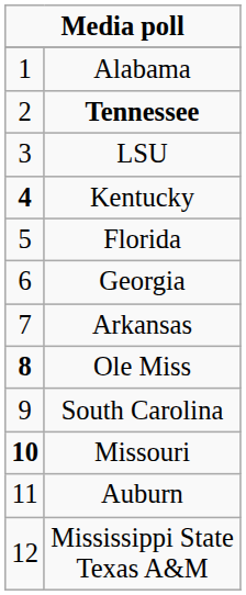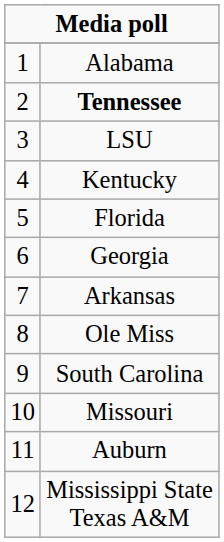 <table class="wikitable">
 <tr align="center">
 <td align="center" Colspan="3"><strong>Media poll</strong></td>
 </tr>
 <tr align="center">
 </tr>
 <tr align="center">
 <td>1</td>
 <td>Alabama</td>
 </tr>
 <tr align="center">
 <td>2</td>
 <td><strong>Tennessee</strong></td>
 </tr>
 <tr align="center">
 <td>3</td>
 <td>LSU</td>
 </tr>
 <tr align="center">
-<td><strong>4</strong></td>
+<td>4</td>
 <td>Kentucky</td>
 </tr>
 <tr align="center">
 <td>5</td>
 <td>Florida</td>
 </tr>
 <tr align="center">
 <td>6</td>
 <td>Georgia</td>
 </tr>
 <tr align="center">
 <td>7</td>
 <td>Arkansas</td>
 </tr>
 <tr align="center">
-<td><strong>8</strong></td>
+<td>8</td>
 <td>Ole Miss</td>
 </tr>
 <tr align="center">
 <td>9</td>
 <td>South Carolina</td>
 </tr>
 <tr align="center">
-<td><strong>10</strong></td>
+<td>10</td>
 <td>Missouri</td>
 </tr>
 <tr align="center">
 <td>11</td>
 <td>Auburn</td>
 </tr>
 <tr align="center">
 <td>12</td>
 <td>Mississippi State<br>Texas A&M</td>
 </tr>
 </table>
